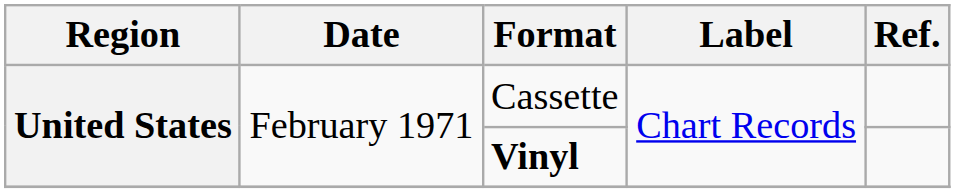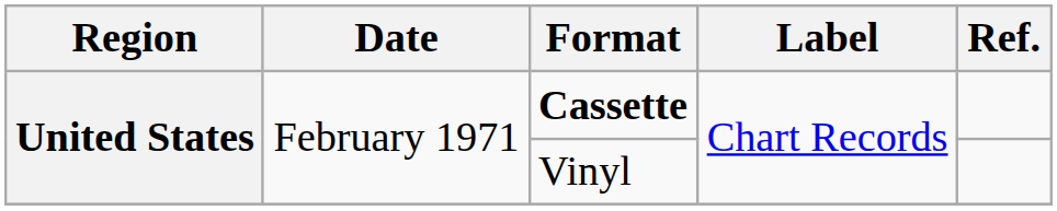 <table class="wikitable plainrowheaders">
 <tr>
 <th scope="col">Region</th>
 <th scope="col">Date</th>
 <th scope="col">Format</th>
 <th scope="col">Label</th>
 <th scope="col">Ref.</th>
 </tr>
 <tr>
 <th scope="row" rowspan="2">United States</th>
 <td rowspan="2">February 1971</td>
-<td>Cassette</td>
+<td><strong>Cassette</strong></td>
 <td rowspan="2"><a href='#'>Chart Records</a></td>
 <td></td>
 </tr>
 <tr>
-<td><strong>Vinyl</strong></td>
+<td>Vinyl</td>
 <td></td>
 </tr>
 <tr>
 </tr>
 </table>
